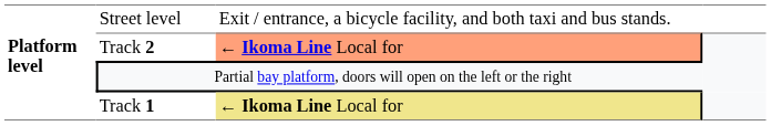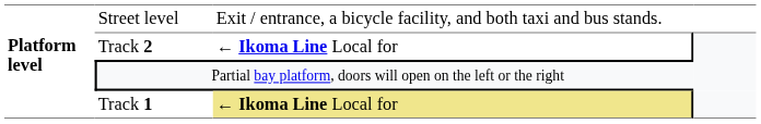 <table border=0 cellspacing=0 cellpadding=3>
 <tr>
 <td style="border-top: 1px solid gray;" width=75></td>
 <td style="border-top: 1px solid gray;" valign=top width=100>Street level</td>
 <td style="border-top: 1px solid gray;" valign=top width=425>Exit / entrance, a bicycle facility, and both taxi and bus stands.</td>
 <td style="border-top: 1px solid gray;" width=50></td>
 </tr>
 <tr>
 <td style="border-bottom: 1px solid gray;" rowspan=4 valign=top><strong>Platform level</strong></td>
 <td style="border-top: 1px solid gray;">Track <strong>2</strong></td>
-<td style="background: lightsalmon; border-top: 1px solid gray; border-right: 2px solid black;">←  <strong><a href='#'>Ikoma Line</a></strong>  Local for </td>
+<td style="border-top: 1px solid gray; border-right: 2px solid black;">←  <strong><a href='#'>Ikoma Line</a></strong>  Local for </td>
 <td style="border-top: 1px solid gray; background-color: #f8f9fa;"></td>
 </tr>
 <tr>
 <td style="border-top: 2px solid black; border-left: 2px solid black; border-bottom: 2px solid black; background-color: #f8f9fa;text-align:center;" colspan=2><small>Partial <a href='#'>bay platform</a>, doors will open on the left or the right    </small></td>
 <td style="background-color: #f8f9fa;"></td>
 </tr>
 <tr>
 <td style="border-bottom: 1px solid gray;">Track <strong>1</strong></td>
 <td style="background: khaki; border-bottom: 1px solid gray; border-right: 2px solid black">←  <strong>Ikoma Line</strong>  Local for </td>
 <td style="border-bottom: 1px solid gray; background-color: #f8f9fa;"> </td>
 </tr>
 </table>
